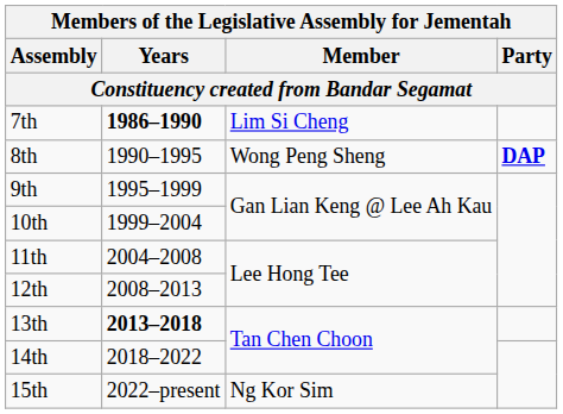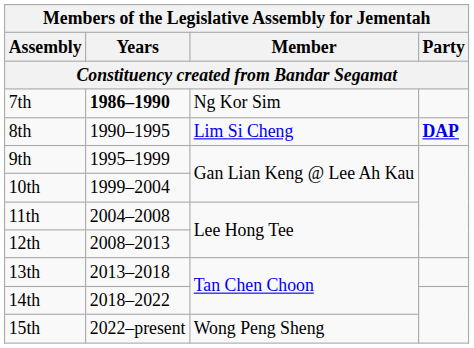 <table class=wikitable>
 <tr>
 <th colspan=4>Members of the Legislative Assembly for Jementah</th>
 </tr>
 <tr>
 <th>Assembly</th>
 <th>Years</th>
 <th>Member</th>
 <th>Party</th>
 </tr>
 <tr>
 <th colspan=4 align=center><em>Constituency created from Bandar Segamat</em></th>
 </tr>
 <tr>
 <td>7th</td>
 <td><strong>1986–1990</strong></td>
-<td><a href='#'>Lim Si Cheng</a></td>
+<td>Ng Kor Sim</td>
 <td></td>
 </tr>
 <tr>
 <td>8th</td>
 <td>1990–1995</td>
-<td>Wong Peng Sheng</td>
+<td><a href='#'>Lim Si Cheng</a></td>
 <td><strong><a href='#'>DAP</a></strong></td>
 </tr>
 <tr>
 <td>9th</td>
 <td>1995–1999</td>
 <td rowspan="2">Gan Lian Keng @ Lee Ah Kau</td>
 <td rowspan="4"></td>
 </tr>
 <tr>
 <td>10th</td>
 <td>1999–2004</td>
 </tr>
 <tr>
 <td>11th</td>
 <td>2004–2008</td>
 <td rowspan="2">Lee Hong Tee</td>
 </tr>
 <tr>
 <td>12th</td>
 <td>2008–2013</td>
 </tr>
 <tr>
 <td>13th</td>
-<td><strong>2013–2018</strong></td>
+<td>2013–2018</td>
 <td rowspan="2"><a href='#'>Tan Chen Choon</a></td>
 <td></td>
 </tr>
 <tr>
 <td>14th</td>
 <td>2018–2022</td>
 <td rowspan="2"></td>
 </tr>
 <tr>
 <td>15th</td>
 <td>2022–present</td>
-<td>Ng Kor Sim</td>
+<td>Wong Peng Sheng</td>
 </tr>
 </table>
